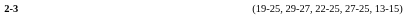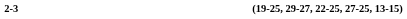 <table width=100% cellspacing=1>
 <tr>
 <th width=20%></th>
 <th width=12%></th>
 <th width=20%></th>
 <th width=33%></th>
 <td></td>
 </tr>
 <tr style=font-size:90%>
 <td align=right></td>
 <td align=center><strong>2-3</strong></td>
 <td></td>
-<td>(19-25, 29-27, 22-25, 27-25, 13-15)</td>
+<td><strong>(19-25, 29-27, 22-25, 27-25, 13-15)</strong></td>
 </tr>
 </table>
